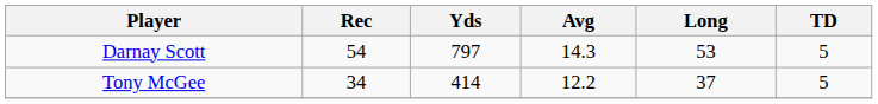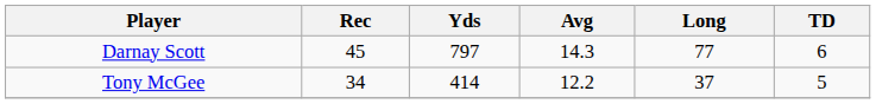 <table class="wikitable" style="text-align:center;" width="80%">
 <tr>
 <th>Player</th>
 <th>Rec</th>
 <th>Yds</th>
 <th>Avg</th>
 <th>Long</th>
 <th>TD</th>
 </tr>
 <tr>
 <td><a href='#'>Darnay Scott</a></td>
-<td>54</td>
+<td>45</td>
 <td>797</td>
 <td>14.3</td>
-<td>53</td>
-<td>5</td>
+<td>77</td>
+<td>6</td>
 </tr>
 <tr>
 <td><a href='#'>Tony McGee</a></td>
 <td>34</td>
 <td>414</td>
 <td>12.2</td>
 <td>37</td>
 <td>5</td>
 </tr>
 <tr>
 </tr>
 </table>
